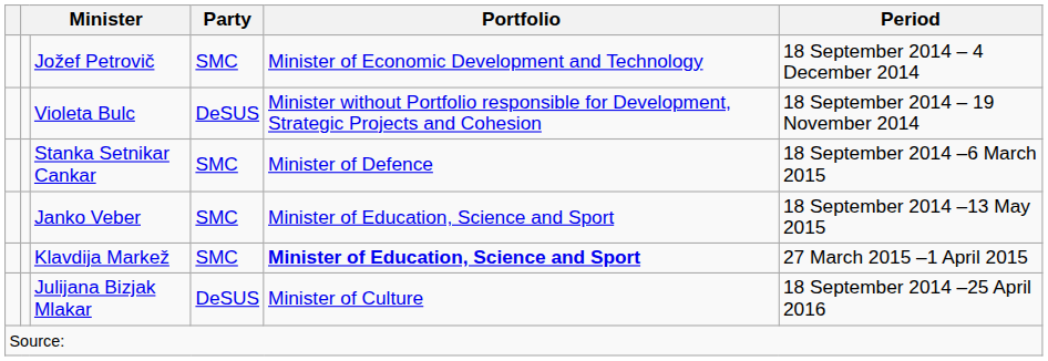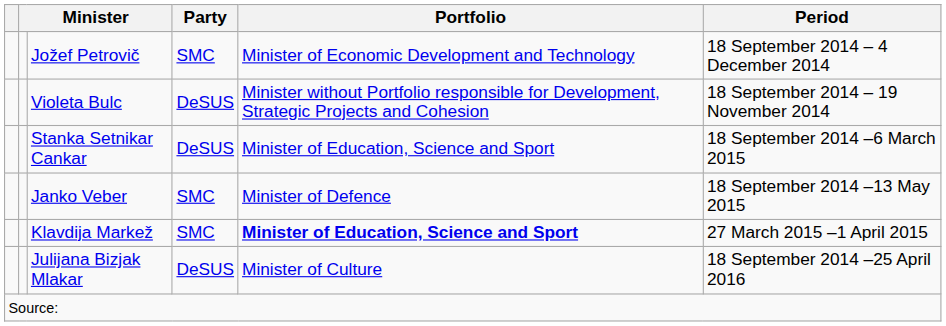 <table class="wikitable">
 <tr>
 <th colspan="1" width=6px></th>
 <th colspan="2">Minister</th>
 <th>Party</th>
 <th>Portfolio</th>
 <th>Period</th>
 </tr>
 <tr>
 <td style="background-color: "></td>
 <td></td>
 <td><a href='#'>Jožef Petrovič</a></td>
 <td><a href='#'>SMC</a></td>
 <td><a href='#'>Minister of Economic Development and Technology</a></td>
 <td>18 September 2014 – 4 December 2014</td>
 </tr>
 <tr>
 <td style="background-color: "></td>
 <td></td>
 <td><a href='#'>Violeta Bulc</a></td>
 <td><a href='#'>DeSUS</a></td>
 <td><a href='#'>Minister without Portfolio responsible for Development, Strategic Projects and Cohesion</a></td>
 <td>18 September 2014 – 19 November 2014</td>
 </tr>
 <tr>
 <td style="background-color: "></td>
 <td></td>
 <td><a href='#'>Stanka Setnikar Cankar</a></td>
-<td><a href='#'>SMC</a></td>
-<td><a href='#'>Minister of Defence</a></td>
+<td><a href='#'>DeSUS</a></td>
+<td><a href='#'>Minister of Education, Science and Sport</a></td>
 <td>18 September 2014 –6 March 2015</td>
 </tr>
 <tr>
 <td style="background-color: "></td>
 <td></td>
 <td><a href='#'>Janko Veber</a></td>
 <td><a href='#'>SMC</a></td>
-<td><a href='#'>Minister of Education, Science and Sport</a></td>
+<td><a href='#'>Minister of Defence</a></td>
 <td>18 September 2014 –13 May 2015</td>
 </tr>
 <tr>
 <td style="background-color: "></td>
 <td></td>
 <td><a href='#'>Klavdija Markež</a></td>
 <td><a href='#'>SMC</a></td>
 <td><strong><a href='#'>Minister of Education, Science and Sport</a></strong></td>
 <td>27 March 2015 –1 April 2015</td>
 </tr>
 <tr>
 <td style="background-color: "></td>
 <td></td>
 <td><a href='#'>Julijana Bizjak Mlakar</a></td>
 <td><a href='#'>DeSUS</a></td>
 <td><a href='#'>Minister of Culture</a></td>
 <td>18 September 2014 –25 April 2016</td>
 </tr>
 <tr>
 <td colspan=6><small>Source: </small></td>
 </tr>
 </table>
